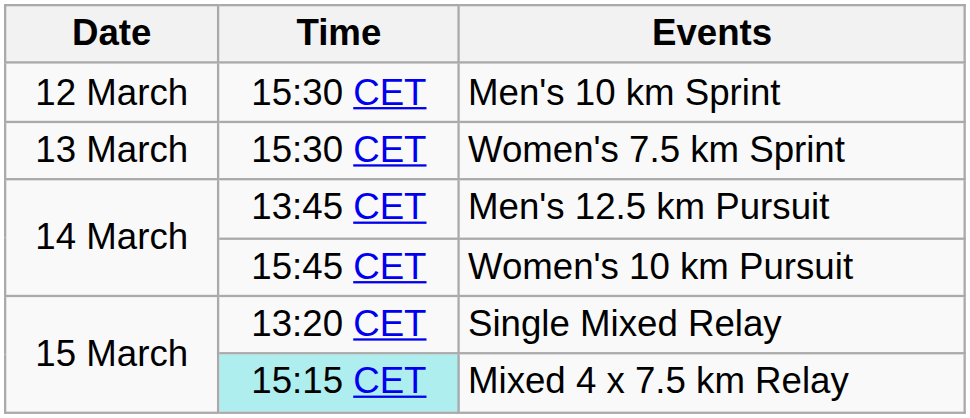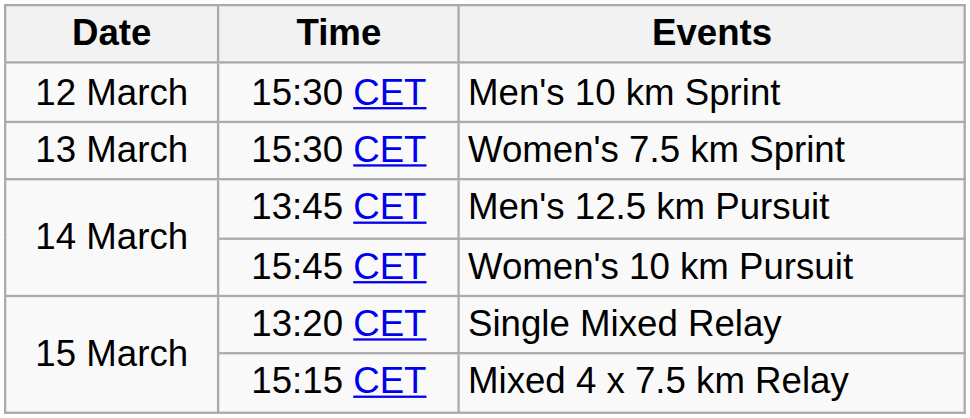 <table class="wikitable" style="text-align: center" width="420">
 <tr>
 <th>Date</th>
 <th>Time</th>
 <th>Events</th>
 </tr>
 <tr>
 <td>12 March</td>
 <td>15:30 <a href='#'>CET</a></td>
 <td style="text-align: left">Men's 10 km Sprint</td>
 </tr>
 <tr>
 <td>13 March</td>
 <td>15:30 <a href='#'>CET</a></td>
 <td style="text-align: left">Women's 7.5 km Sprint</td>
 </tr>
 <tr>
 <td rowspan=2>14 March</td>
 <td>13:45 <a href='#'>CET</a></td>
 <td style="text-align: left">Men's 12.5 km Pursuit</td>
 </tr>
 <tr>
 <td>15:45 <a href='#'>CET</a></td>
 <td style="text-align: left">Women's 10 km Pursuit</td>
 </tr>
 <tr>
 <td rowspan=2>15 March</td>
 <td>13:20 <a href='#'>CET</a></td>
 <td style="text-align: left">Single Mixed Relay</td>
 </tr>
 <tr>
-<td style="background: paleturquoise;">15:15 <a href='#'>CET</a></td>
+<td>15:15 <a href='#'>CET</a></td>
 <td style="text-align: left">Mixed 4 x 7.5 km Relay</td>
 </tr>
 </table>
